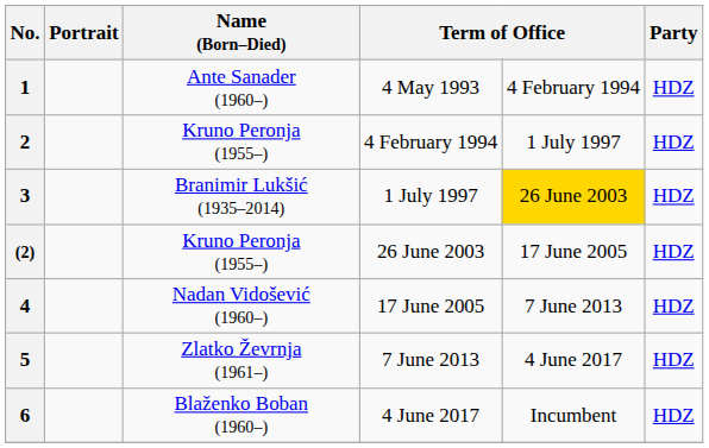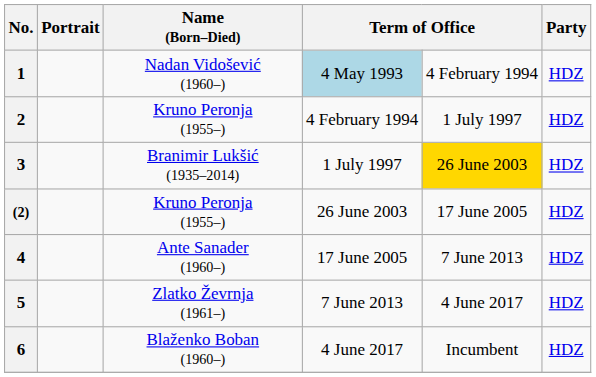 <table class="wikitable" style="text-align:center">
 <tr ->
 <th>No.</th>
 <th>Portrait</th>
 <th width=180>Name<br><small>(Born–Died)</small></th>
 <th colspan=2>Term of Office</th>
 <th>Party</th>
 </tr>
 <tr ->
 <th style="background:">1</th>
 <td></td>
-<td><a href='#'>Ante Sanader</a><br><small>(1960–)</small></td>
-<td>4 May 1993</td>
+<td><a href='#'>Nadan Vidošević</a><br><small>(1960–)</small></td>
+<td style="background: lightblue;">4 May 1993</td>
 <td>4 February 1994</td>
 <td><a href='#'>HDZ</a></td>
 </tr>
 <tr ->
 <th style="background:">2</th>
 <td></td>
 <td><a href='#'>Kruno Peronja</a><br><small>(1955–)</small></td>
 <td>4 February 1994</td>
 <td>1 July 1997</td>
 <td><a href='#'>HDZ</a></td>
 </tr>
 <tr ->
 <th style="background:">3</th>
 <td></td>
 <td><a href='#'>Branimir Lukšić</a><br><small>(1935–2014)</small></td>
 <td>1 July 1997</td>
 <td style="background: gold;">26 June 2003</td>
 <td><a href='#'>HDZ</a></td>
 </tr>
 <tr ->
 <th style="background:"><small>(2)</small></th>
 <td></td>
 <td><a href='#'>Kruno Peronja</a><br><small>(1955–)</small></td>
 <td>26 June 2003</td>
 <td>17 June 2005</td>
 <td><a href='#'>HDZ</a></td>
 </tr>
 <tr ->
 <th style="background:">4</th>
 <td></td>
-<td><a href='#'>Nadan Vidošević</a><br><small>(1960–)</small></td>
+<td><a href='#'>Ante Sanader</a><br><small>(1960–)</small></td>
 <td>17 June 2005</td>
 <td>7 June 2013</td>
 <td><a href='#'>HDZ</a></td>
 </tr>
 <tr ->
 <th style="background:">5</th>
 <td></td>
 <td><a href='#'>Zlatko Ževrnja</a><br><small>(1961–)</small></td>
 <td>7 June 2013</td>
 <td>4 June 2017</td>
 <td><a href='#'>HDZ</a></td>
 </tr>
 <tr ->
 <th style="background:">6</th>
 <td></td>
 <td><a href='#'>Blaženko Boban</a><br><small>(1960–)</small></td>
 <td>4 June 2017</td>
 <td>Incumbent</td>
 <td><a href='#'>HDZ</a></td>
 </tr>
 <tr ->
 </tr>
 </table>
